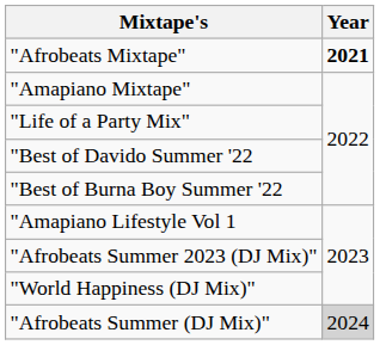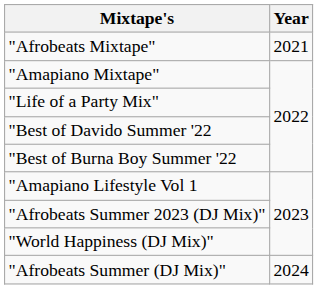 <table class="wikitable">
 <tr>
 <th>Mixtape's</th>
 <th>Year</th>
 </tr>
 <tr>
 <td>"Afrobeats Mixtape"</td>
-<td><strong>2021</strong></td>
+<td>2021</td>
 </tr>
 <tr>
 <td>"Amapiano Mixtape"</td>
 <td rowspan="4">2022</td>
 </tr>
 <tr>
 <td>"Life of a Party Mix"</td>
 </tr>
 <tr>
 <td>"Best of Davido Summer '22</td>
 </tr>
 <tr>
 <td>"Best of Burna Boy Summer '22</td>
 </tr>
 <tr>
 <td>"Amapiano Lifestyle Vol 1</td>
 <td rowspan="3">2023</td>
 </tr>
 <tr>
 <td>"Afrobeats Summer 2023 (DJ Mix)"</td>
 </tr>
 <tr>
 <td>"World Happiness (DJ Mix)"</td>
 </tr>
 <tr>
 <td>"Afrobeats Summer (DJ Mix)"</td>
-<td style="background: lightgrey;">2024</td>
+<td>2024</td>
 </tr>
 </table>
